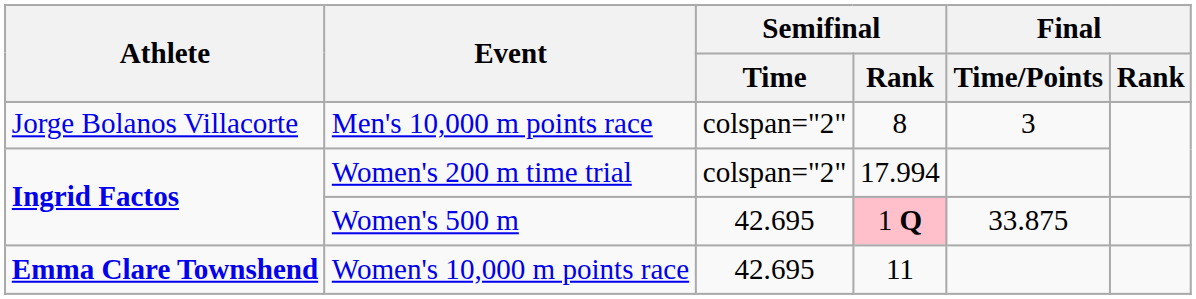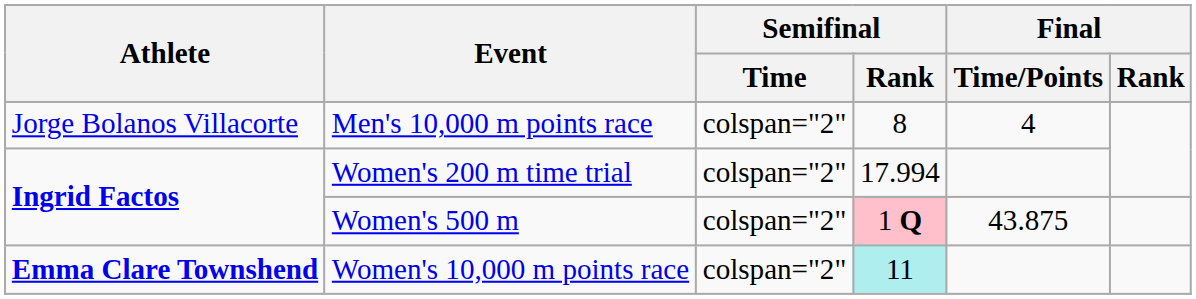 <table class="wikitable" border="1" style="font-size:90%">
 <tr>
 <th rowspan=2>Athlete</th>
 <th rowspan=2>Event</th>
 <th colspan=2>Semifinal</th>
 <th colspan=2>Final</th>
 </tr>
 <tr>
 <th>Time</th>
 <th>Rank</th>
 <th>Time/Points</th>
 <th>Rank</th>
 </tr>
 <tr align=center>
 <td align=left><a href='#'>Jorge Bolanos Villacorte</a></td>
 <td align=left><a href='#'>Men's 10,000 m points race</a></td>
 <td>colspan="2" </td>
 <td>8</td>
-<td>3</td>
+<td>4</td>
 </tr>
 <tr align=center>
 <td rowspan="2" align=left><strong><a href='#'>Ingrid Factos</a></strong></td>
 <td align=left><a href='#'>Women's 200 m time trial</a></td>
 <td>colspan="2" </td>
 <td>17.994</td>
 <td></td>
 </tr>
 <tr align=center>
 <td align=left><a href='#'>Women's 500 m</a></td>
-<td>42.695</td>
+<td>colspan="2" </td>
 <td style="background: pink;">1 <strong>Q</strong></td>
-<td>33.875</td>
+<td>43.875</td>
 <td></td>
 </tr>
 <tr align=center>
 <td align=left><strong><a href='#'>Emma Clare Townshend</a></strong></td>
 <td align=left><a href='#'>Women's 10,000 m points race</a></td>
-<td>42.695</td>
-<td>11</td>
+<td>colspan="2" </td>
+<td style="background: paleturquoise;">11</td>
 <td></td>
 </tr>
 </table>
